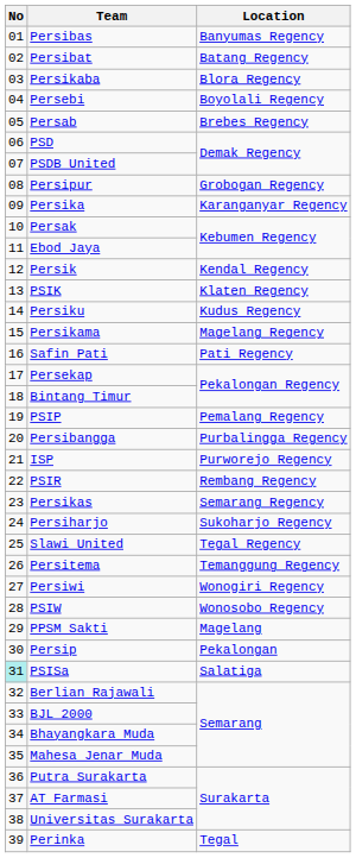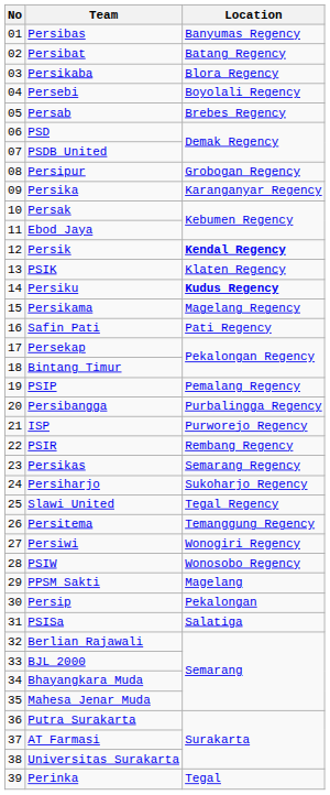 <table class="wikitable sortable">
 <tr>
 <th>No</th>
 <th>Team</th>
 <th>Location</th>
 </tr>
 <tr>
 <td align=center>01</td>
 <td><a href='#'>Persibas</a></td>
 <td><a href='#'>Banyumas Regency</a></td>
 </tr>
 <tr>
 <td align=center>02</td>
 <td><a href='#'>Persibat</a></td>
 <td><a href='#'>Batang Regency</a></td>
 </tr>
 <tr>
 <td align=center>03</td>
 <td><a href='#'>Persikaba</a></td>
 <td><a href='#'>Blora Regency</a></td>
 </tr>
 <tr>
 <td align=center>04</td>
 <td><a href='#'>Persebi</a></td>
 <td><a href='#'>Boyolali Regency</a></td>
 </tr>
 <tr>
 <td align=center>05</td>
 <td><a href='#'>Persab</a></td>
 <td><a href='#'>Brebes Regency</a></td>
 </tr>
 <tr>
 <td align=center>06</td>
 <td><a href='#'>PSD</a></td>
 <td rowspan=2><a href='#'>Demak Regency</a></td>
 </tr>
 <tr>
 <td align=center>07</td>
 <td><a href='#'>PSDB United</a></td>
 </tr>
 <tr>
 <td align=center>08</td>
 <td><a href='#'>Persipur</a></td>
 <td><a href='#'>Grobogan Regency</a></td>
 </tr>
 <tr>
 <td align=center>09</td>
 <td><a href='#'>Persika</a></td>
 <td><a href='#'>Karanganyar Regency</a></td>
 </tr>
 <tr>
 <td align=center>10</td>
 <td><a href='#'>Persak</a></td>
 <td rowspan=2><a href='#'>Kebumen Regency</a></td>
 </tr>
 <tr>
 <td align=center>11</td>
 <td><a href='#'>Ebod Jaya</a></td>
 </tr>
 <tr>
 <td align=center>12</td>
 <td><a href='#'>Persik</a></td>
-<td><a href='#'>Kendal Regency</a></td>
+<td><strong><a href='#'>Kendal Regency</a></strong></td>
 </tr>
 <tr>
 <td align=center>13</td>
 <td><a href='#'>PSIK</a></td>
 <td><a href='#'>Klaten Regency</a></td>
 </tr>
 <tr>
 <td align=center>14</td>
 <td><a href='#'>Persiku</a></td>
-<td><a href='#'>Kudus Regency</a></td>
+<td><strong><a href='#'>Kudus Regency</a></strong></td>
 </tr>
 <tr>
 <td align=center>15</td>
 <td><a href='#'>Persikama</a></td>
 <td><a href='#'>Magelang Regency</a></td>
 </tr>
 <tr>
 <td align=center>16</td>
 <td><a href='#'>Safin Pati</a></td>
 <td><a href='#'>Pati Regency</a></td>
 </tr>
 <tr>
 <td align=center>17</td>
 <td><a href='#'>Persekap</a></td>
 <td rowspan=2><a href='#'>Pekalongan Regency</a></td>
 </tr>
 <tr>
 <td align=center>18</td>
 <td><a href='#'>Bintang Timur</a></td>
 </tr>
 <tr>
 <td align=center>19</td>
 <td><a href='#'>PSIP</a></td>
 <td><a href='#'>Pemalang Regency</a></td>
 </tr>
 <tr>
 <td align=center>20</td>
 <td><a href='#'>Persibangga</a></td>
 <td><a href='#'>Purbalingga Regency</a></td>
 </tr>
 <tr>
 <td align=center>21</td>
 <td><a href='#'>ISP</a></td>
 <td><a href='#'>Purworejo Regency</a></td>
 </tr>
 <tr>
 <td align=center>22</td>
 <td><a href='#'>PSIR</a></td>
 <td><a href='#'>Rembang Regency</a></td>
 </tr>
 <tr>
 <td align=center>23</td>
 <td><a href='#'>Persikas</a></td>
 <td><a href='#'>Semarang Regency</a></td>
 </tr>
 <tr>
 <td align=center>24</td>
 <td><a href='#'>Persiharjo</a></td>
 <td><a href='#'>Sukoharjo Regency</a></td>
 </tr>
 <tr>
 <td align=center>25</td>
 <td><a href='#'>Slawi United</a></td>
 <td><a href='#'>Tegal Regency</a></td>
 </tr>
 <tr>
 <td align=center>26</td>
 <td><a href='#'>Persitema</a></td>
 <td><a href='#'>Temanggung Regency</a></td>
 </tr>
 <tr>
 <td align=center>27</td>
 <td><a href='#'>Persiwi</a></td>
 <td><a href='#'>Wonogiri Regency</a></td>
 </tr>
 <tr>
 <td align=center>28</td>
 <td><a href='#'>PSIW</a></td>
 <td><a href='#'>Wonosobo Regency</a></td>
 </tr>
 <tr>
 <td align=center>29</td>
 <td><a href='#'>PPSM Sakti</a></td>
 <td><a href='#'>Magelang</a></td>
 </tr>
 <tr>
 <td align=center>30</td>
 <td><a href='#'>Persip</a></td>
 <td><a href='#'>Pekalongan</a></td>
 </tr>
 <tr>
-<td align=center style="background: paleturquoise;">31</td>
+<td align=center>31</td>
 <td><a href='#'>PSISa</a></td>
 <td><a href='#'>Salatiga</a></td>
 </tr>
 <tr>
 <td align=center>32</td>
 <td><a href='#'>Berlian Rajawali</a></td>
 <td rowspan=4><a href='#'>Semarang</a></td>
 </tr>
 <tr>
 <td align=center>33</td>
 <td><a href='#'>BJL 2000</a></td>
 </tr>
 <tr>
 <td align=center>34</td>
 <td><a href='#'>Bhayangkara Muda</a></td>
 </tr>
 <tr>
 <td align=center>35</td>
 <td><a href='#'>Mahesa Jenar Muda</a></td>
 </tr>
 <tr>
 <td align=center>36</td>
 <td><a href='#'>Putra Surakarta</a></td>
 <td rowspan=3><a href='#'>Surakarta</a></td>
 </tr>
 <tr>
 <td align=center>37</td>
 <td><a href='#'>AT Farmasi</a></td>
 </tr>
 <tr>
 <td align=center>38</td>
 <td><a href='#'>Universitas Surakarta</a></td>
 </tr>
 <tr>
 <td align=center>39</td>
 <td><a href='#'>Perinka</a></td>
 <td><a href='#'>Tegal</a></td>
 </tr>
 </table>
